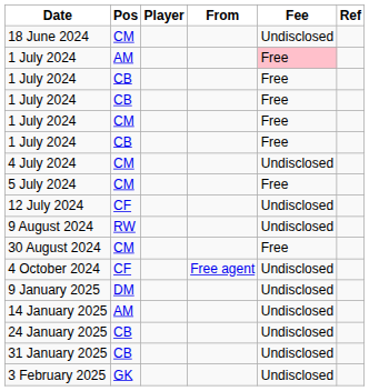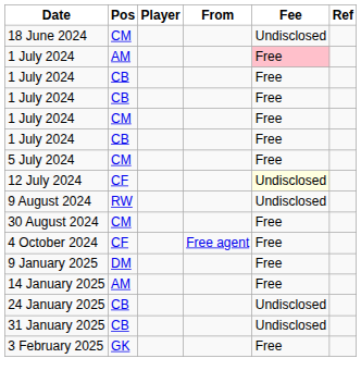 <table class="wikitable plainrowheaders sortable">
 <tr>
 <th style="background:white; color:black; ">Date</th>
 <th style="background:white; color:black; ">Pos</th>
 <th style="background:white; color:black; ">Player</th>
 <th style="background:white; color:black; ">From</th>
 <th style="background:white; color:black; ">Fee</th>
 <th style="background:white; color:black; ">Ref</th>
 </tr>
 <tr>
 <td>18 June 2024</td>
 <td><a href='#'>CM</a></td>
 <td></td>
 <td></td>
 <td>Undisclosed</td>
 <td></td>
 </tr>
 <tr>
 <td>1 July 2024</td>
 <td><a href='#'>AM</a></td>
 <td></td>
 <td></td>
 <td style="background: pink;">Free</td>
 <td></td>
 </tr>
 <tr>
 <td>1 July 2024</td>
 <td><a href='#'>CB</a></td>
 <td></td>
 <td></td>
 <td>Free</td>
 <td></td>
 </tr>
 <tr>
 <td>1 July 2024</td>
 <td><a href='#'>CB</a></td>
 <td></td>
 <td></td>
 <td>Free</td>
 <td></td>
 </tr>
 <tr>
 <td>1 July 2024</td>
 <td><a href='#'>CM</a></td>
 <td></td>
 <td></td>
 <td>Free</td>
 <td></td>
 </tr>
 <tr>
 <td>1 July 2024</td>
 <td><a href='#'>CB</a></td>
 <td></td>
 <td></td>
 <td>Free</td>
 <td></td>
 </tr>
 <tr>
-<td>4 July 2024</td>
-<td><a href='#'>CM</a></td>
-<td></td>
-<td></td>
-<td>Undisclosed</td>
-<td></td>
-</tr>
-<tr>
 <td>5 July 2024</td>
 <td><a href='#'>CM</a></td>
 <td></td>
 <td></td>
 <td>Free</td>
 <td></td>
 </tr>
 <tr>
 <td>12 July 2024</td>
 <td><a href='#'>CF</a></td>
 <td></td>
 <td></td>
-<td>Undisclosed</td>
+<td style="background: lightyellow;">Undisclosed</td>
 <td></td>
 </tr>
 <tr>
 <td>9 August 2024</td>
 <td><a href='#'>RW</a></td>
 <td></td>
 <td></td>
 <td>Undisclosed</td>
 <td></td>
 </tr>
 <tr>
 <td>30 August 2024</td>
 <td><a href='#'>CM</a></td>
 <td></td>
 <td></td>
 <td>Free</td>
 <td></td>
 </tr>
 <tr>
 <td>4 October 2024</td>
 <td><a href='#'>CF</a></td>
 <td></td>
 <td><a href='#'>Free agent</a></td>
-<td>Undisclosed</td>
+<td>Free</td>
 <td></td>
 </tr>
 <tr>
 <td>9 January 2025</td>
 <td><a href='#'>DM</a></td>
 <td></td>
 <td></td>
-<td>Undisclosed</td>
+<td>Free</td>
 <td></td>
 </tr>
 <tr>
 <td>14 January 2025</td>
 <td><a href='#'>AM</a></td>
 <td></td>
 <td></td>
-<td>Undisclosed</td>
+<td>Free</td>
 <td></td>
 </tr>
 <tr>
 <td>24 January 2025</td>
 <td><a href='#'>CB</a></td>
 <td></td>
 <td></td>
 <td>Undisclosed</td>
 <td></td>
 </tr>
 <tr>
 <td>31 January 2025</td>
 <td><a href='#'>CB</a></td>
 <td></td>
 <td></td>
 <td>Undisclosed</td>
 <td></td>
 </tr>
 <tr>
 <td>3 February 2025</td>
 <td><a href='#'>GK</a></td>
 <td></td>
 <td></td>
-<td>Undisclosed</td>
+<td>Free</td>
 <td></td>
 </tr>
 </table>
